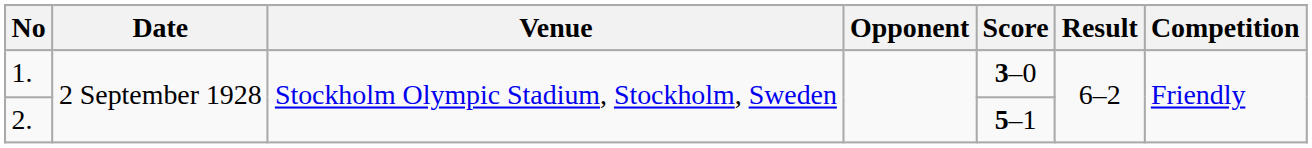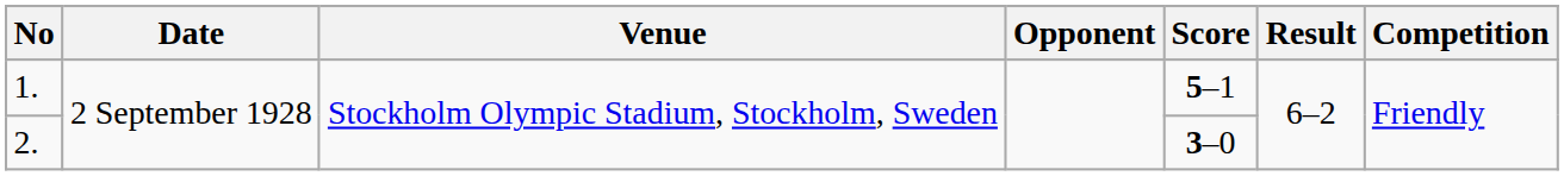 <table class="wikitable" style="font-size:85%;">
 <tr>
 <th>No</th>
 <th>Date</th>
 <th>Venue</th>
 <th>Opponent</th>
 <th>Score</th>
 <th>Result</th>
 <th>Competition</th>
 </tr>
 <tr>
 <td>1.</td>
 <td rowspan="2">2 September 1928</td>
 <td rowspan="2"><a href='#'>Stockholm Olympic Stadium</a>, <a href='#'>Stockholm</a>, <a href='#'>Sweden</a></td>
 <td rowspan="2"></td>
-<td align=center><strong>3</strong>–0</td>
+<td align=center><strong>5</strong>–1</td>
 <td align=center rowspan="2">6–2</td>
 <td rowspan="2"><a href='#'>Friendly</a></td>
 </tr>
 <tr>
 <td>2.</td>
-<td align=center><strong>5</strong>–1</td>
+<td align=center><strong>3</strong>–0</td>
 </tr>
 </table>
